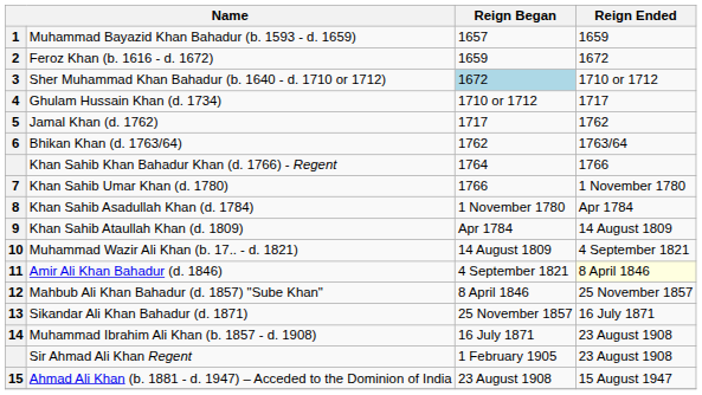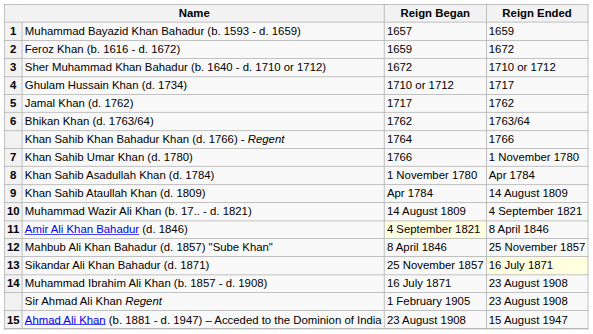 <table class="wikitable">
 <tr>
 <th colspan =2>Name</th>
 <th>Reign Began</th>
 <th>Reign Ended</th>
 </tr>
 <tr>
 <th>1</th>
 <td>Muhammad Bayazid Khan Bahadur (b. 1593 - d. 1659)</td>
 <td>1657</td>
 <td>1659</td>
 </tr>
 <tr>
 <th>2</th>
 <td>Feroz Khan (b. 1616 - d. 1672)</td>
 <td>1659</td>
 <td>1672</td>
 </tr>
 <tr>
 <th>3</th>
 <td>Sher Muhammad Khan Bahadur (b. 1640 - d. 1710 or 1712)</td>
-<td style="background: lightblue;">1672</td>
+<td>1672</td>
 <td>1710 or 1712</td>
 </tr>
 <tr>
 <th>4</th>
 <td>Ghulam Hussain Khan (d. 1734)</td>
 <td>1710 or 1712</td>
 <td>1717</td>
 </tr>
 <tr>
 <th>5</th>
 <td>Jamal Khan (d. 1762)</td>
 <td>1717</td>
 <td>1762</td>
 </tr>
 <tr>
 <th>6</th>
 <td>Bhikan Khan (d. 1763/64)</td>
 <td>1762</td>
 <td>1763/64</td>
 </tr>
 <tr>
 <th></th>
 <td>Khan Sahib Khan Bahadur Khan (d. 1766) - <em>Regent</em></td>
 <td>1764</td>
 <td>1766</td>
 </tr>
 <tr>
 <th>7</th>
 <td>Khan Sahib Umar Khan (d. 1780)</td>
 <td>1766</td>
 <td>1 November 1780</td>
 </tr>
 <tr>
 <th>8</th>
 <td>Khan Sahib Asadullah Khan (d. 1784)</td>
 <td>1 November 1780</td>
 <td>Apr 1784</td>
 </tr>
 <tr>
 <th>9</th>
 <td>Khan Sahib Ataullah Khan (d. 1809)</td>
 <td>Apr 1784</td>
 <td>14 August 1809</td>
 </tr>
 <tr>
 <th>10</th>
 <td>Muhammad Wazir Ali Khan (b. 17.. - d. 1821)</td>
 <td>14 August 1809</td>
 <td>4 September 1821</td>
 </tr>
 <tr>
 <th>11</th>
 <td><a href='#'>Amir Ali Khan Bahadur</a> (d. 1846)</td>
-<td>4 September 1821</td>
-<td style="background: lightyellow;">8 April 1846</td>
+<td style="background: lightyellow;">4 September 1821</td>
+<td>8 April 1846</td>
 </tr>
 <tr>
 <th>12</th>
 <td>Mahbub Ali Khan Bahadur (d. 1857)  "Sube Khan"</td>
 <td>8 April 1846</td>
 <td>25 November 1857</td>
 </tr>
 <tr>
 <th>13</th>
 <td>Sikandar Ali Khan Bahadur (d. 1871)</td>
 <td>25 November 1857</td>
-<td>16 July 1871</td>
+<td style="background: lightyellow;">16 July 1871</td>
 </tr>
 <tr>
 <th>14</th>
 <td>Muhammad Ibrahim Ali Khan (b. 1857 - d. 1908)</td>
 <td>16 July 1871</td>
 <td>23 August 1908</td>
 </tr>
 <tr>
 <th></th>
 <td>Sir Ahmad Ali Khan <em>Regent</em></td>
 <td>1 February 1905</td>
 <td>23 August 1908</td>
 </tr>
 <tr>
 <th>15</th>
 <td><a href='#'>Ahmad Ali Khan</a> (b. 1881 - d. 1947) – Acceded to the Dominion of India</td>
 <td>23 August 1908</td>
 <td>15 August 1947</td>
 </tr>
 <tr>
 </tr>
 </table>
